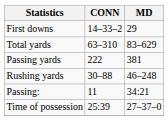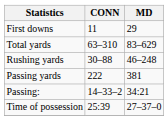 <table class="wikitable" style="float: left;">
 <tr>
 <th>Statistics</th>
 <th>CONN</th>
 <th>MD</th>
 </tr>
 <tr>
 <td>First downs</td>
-<td>14–33–2</td>
+<td>11</td>
 <td>29</td>
 </tr>
 <tr>
 <td>Total yards</td>
 <td>63–310</td>
 <td>83–629</td>
 </tr>
 <tr>
+<td>Rushing yards</td>
+<td>30–88</td>
+<td>46–248</td>
+</tr>
+<tr>
 <td>Passing yards</td>
 <td>222</td>
 <td>381</td>
 </tr>
 <tr>
-<td>Rushing yards</td>
-<td>30–88</td>
-<td>46–248</td>
-</tr>
-<tr>
 <td>Passing:</td>
-<td>11</td>
+<td>14–33–2</td>
 <td>34:21</td>
 </tr>
 <tr>
 <td>Time of possession</td>
 <td>25:39</td>
 <td>27–37–0</td>
 </tr>
 <tr>
 </tr>
 </table>
